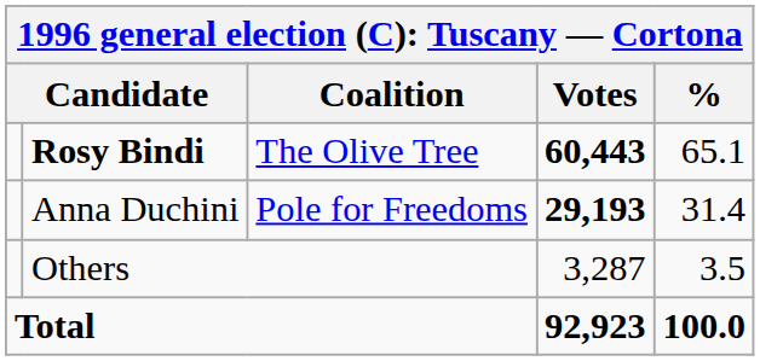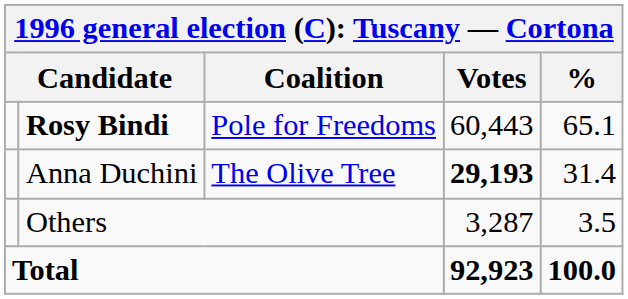 <table class=wikitable style=text-align:right>
 <tr>
 <th colspan=5><a href='#'>1996 general election</a> (<a href='#'>C</a>): <a href='#'>Tuscany</a> — <a href='#'>Cortona</a></th>
 </tr>
 <tr>
 <th colspan=2>Candidate</th>
 <th>Coalition</th>
 <th>Votes</th>
 <th>%</th>
 </tr>
 <tr>
 <td></td>
 <td align=left><strong>Rosy Bindi</strong></td>
-<td align=left><a href='#'>The Olive Tree</a></td>
-<td><strong>60,443</strong></td>
+<td align=left><a href='#'>Pole for Freedoms</a></td>
+<td>60,443</td>
 <td>65.1</td>
 </tr>
 <tr>
 <td></td>
 <td align=left>Anna Duchini</td>
-<td align=left><a href='#'>Pole for Freedoms</a></td>
+<td align=left><a href='#'>The Olive Tree</a></td>
 <td><strong>29,193</strong></td>
 <td>31.4</td>
 </tr>
 <tr>
 <td></td>
 <td align=left colspan=2>Others</td>
 <td>3,287</td>
 <td>3.5</td>
 </tr>
 <tr>
 <td align=left colspan=3><strong>Total</strong></td>
 <td><strong>92,923</strong></td>
 <td><strong>100.0</strong></td>
 </tr>
 </table>
